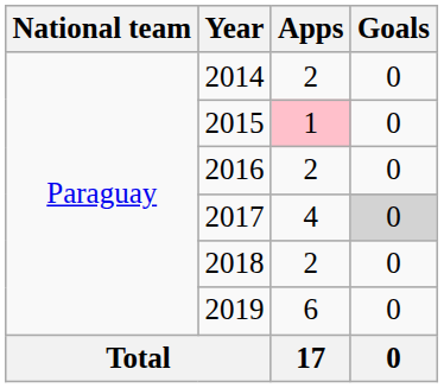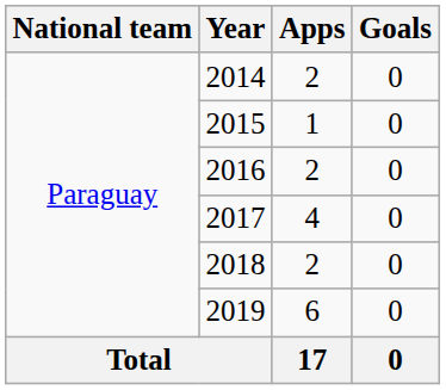 <table class="wikitable" style="text-align:center">
 <tr>
 <th>National team</th>
 <th>Year</th>
 <th>Apps</th>
 <th>Goals</th>
 </tr>
 <tr>
 <td rowspan="6"><a href='#'>Paraguay</a></td>
 <td>2014</td>
 <td>2</td>
 <td>0</td>
 </tr>
 <tr>
 <td>2015</td>
-<td style="background: pink;">1</td>
+<td>1</td>
 <td>0</td>
 </tr>
 <tr>
 <td>2016</td>
 <td>2</td>
 <td>0</td>
 </tr>
 <tr>
 <td>2017</td>
 <td>4</td>
-<td style="background: lightgrey;">0</td>
+<td>0</td>
 </tr>
 <tr>
 <td>2018</td>
 <td>2</td>
 <td>0</td>
 </tr>
 <tr>
 <td>2019</td>
 <td>6</td>
 <td>0</td>
 </tr>
 <tr>
 <th colspan="2">Total</th>
 <th>17</th>
 <th>0</th>
 </tr>
 </table>
